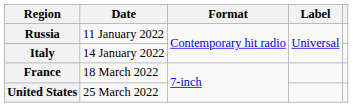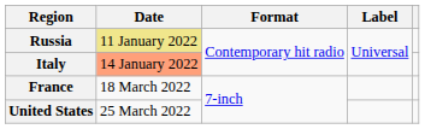 <table class="wikitable plainrowheaders">
 <tr>
 <th scope="col">Region</th>
 <th scope="col">Date</th>
 <th scope="col">Format</th>
 <th scope="col">Label</th>
 <th scope="col"></th>
 </tr>
 <tr>
 <th scope="row">Russia</th>
-<td>11 January 2022</td>
+<td style="background: khaki;">11 January 2022</td>
 <td rowspan="2"><a href='#'>Contemporary hit radio</a></td>
 <td rowspan="2"><a href='#'>Universal</a></td>
 <td></td>
 </tr>
 <tr>
 <th scope="row">Italy</th>
-<td>14 January 2022</td>
+<td style="background: lightsalmon;">14 January 2022</td>
 <td></td>
 </tr>
 <tr>
 <th scope="row">France</th>
 <td>18 March 2022</td>
 <td rowspan="2"><a href='#'>7-inch</a></td>
 <td></td>
 <td></td>
 </tr>
 <tr>
 <th scope="row">United States</th>
 <td>25 March 2022</td>
 <td></td>
 <td></td>
 </tr>
 </table>
